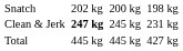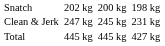 <table>
 <tr>
 <td>Snatch</td>
 <td></td>
 <td>202 kg</td>
 <td></td>
 <td>200 kg</td>
 <td></td>
 <td>198 kg</td>
 </tr>
 <tr>
 <td>Clean & Jerk</td>
 <td></td>
-<td><strong>247 kg</strong></td>
+<td>247 kg</td>
 <td></td>
 <td>245 kg</td>
 <td></td>
 <td>231 kg</td>
 </tr>
 <tr>
 <td>Total</td>
 <td></td>
 <td>445 kg</td>
 <td></td>
 <td>445 kg</td>
 <td></td>
 <td>427 kg</td>
 </tr>
 </table>
